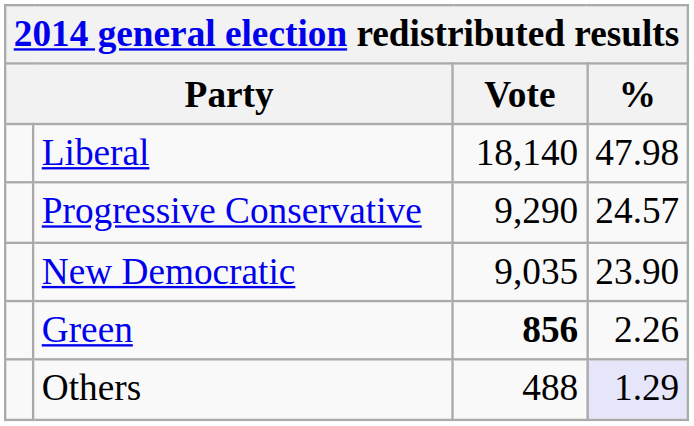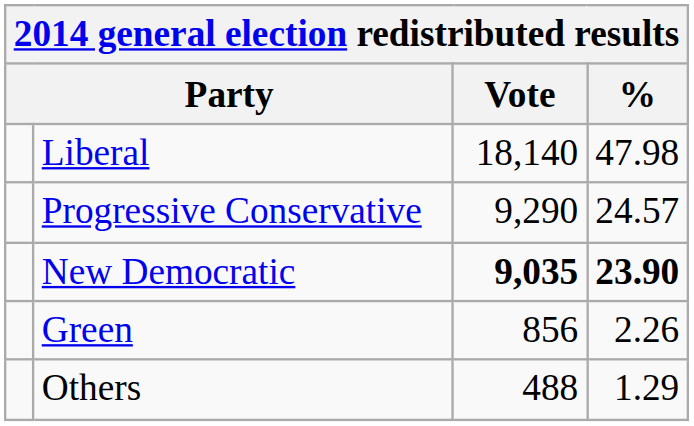 <table class="wikitable">
 <tr>
 <th colspan="4"><a href='#'>2014 general election</a> redistributed results</th>
 </tr>
 <tr>
 <th bgcolor="#DDDDFF" width="130px" colspan="2">Party</th>
 <th bgcolor="#DDDDFF" width="50px">Vote</th>
 <th bgcolor="#DDDDFF" width="30px">%</th>
 </tr>
 <tr>
 <td> </td>
 <td><a href='#'>Liberal</a></td>
 <td align=right>18,140</td>
 <td align=right>47.98</td>
 </tr>
 <tr>
 <td> </td>
 <td><a href='#'>Progressive Conservative</a></td>
 <td align=right>9,290</td>
 <td align=right>24.57</td>
 </tr>
 <tr>
 <td> </td>
 <td><a href='#'>New Democratic</a></td>
-<td align=right>9,035</td>
-<td align=right>23.90</td>
+<td align=right><strong>9,035</strong></td>
+<td align=right><strong>23.90</strong></td>
 </tr>
 <tr>
 <td> </td>
 <td><a href='#'>Green</a></td>
-<td align=right><strong>856</strong></td>
+<td align=right>856</td>
 <td align=right>2.26</td>
 </tr>
 <tr>
 <td> </td>
 <td>Others</td>
 <td align=right>488</td>
-<td align=right style="background: lavender;">1.29</td>
+<td align=right>1.29</td>
 </tr>
 </table>
